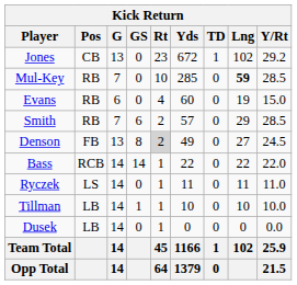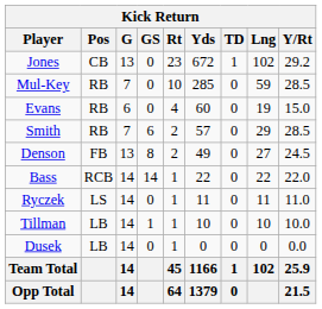 <table class="wikitable" style="text-align:center">
 <tr>
 <th colspan="9">Kick Return</th>
 </tr>
 <tr>
 <th>Player</th>
 <th>Pos</th>
 <th>G</th>
 <th>GS</th>
 <th>Rt</th>
 <th>Yds</th>
 <th>TD</th>
 <th>Lng</th>
 <th>Y/Rt</th>
 </tr>
 <tr>
 <td><a href='#'>Jones</a></td>
 <td>CB</td>
 <td>13</td>
 <td>0</td>
 <td>23</td>
 <td>672</td>
 <td>1</td>
 <td>102</td>
 <td>29.2</td>
 </tr>
 <tr>
 <td><a href='#'>Mul-Key</a></td>
 <td>RB</td>
 <td>7</td>
 <td>0</td>
 <td>10</td>
 <td>285</td>
 <td>0</td>
-<td><strong>59</strong></td>
+<td>59</td>
 <td>28.5</td>
 </tr>
 <tr>
 <td><a href='#'>Evans</a></td>
 <td>RB</td>
 <td>6</td>
 <td>0</td>
 <td>4</td>
 <td>60</td>
 <td>0</td>
 <td>19</td>
 <td>15.0</td>
 </tr>
 <tr>
 <td><a href='#'>Smith</a></td>
 <td>RB</td>
 <td>7</td>
 <td>6</td>
 <td>2</td>
 <td>57</td>
 <td>0</td>
 <td>29</td>
 <td>28.5</td>
 </tr>
 <tr>
 <td><a href='#'>Denson</a></td>
 <td>FB</td>
 <td>13</td>
 <td>8</td>
-<td style="background: lightgrey;">2</td>
+<td>2</td>
 <td>49</td>
 <td>0</td>
 <td>27</td>
 <td>24.5</td>
 </tr>
 <tr>
 <td><a href='#'>Bass</a></td>
 <td>RCB</td>
 <td>14</td>
 <td>14</td>
 <td>1</td>
 <td>22</td>
 <td>0</td>
 <td>22</td>
 <td>22.0</td>
 </tr>
 <tr>
 <td><a href='#'>Ryczek</a></td>
 <td>LS</td>
 <td>14</td>
 <td>0</td>
 <td>1</td>
 <td>11</td>
 <td>0</td>
 <td>11</td>
 <td>11.0</td>
 </tr>
 <tr>
 <td><a href='#'>Tillman</a></td>
 <td>LB</td>
 <td>14</td>
 <td>1</td>
 <td>1</td>
 <td>10</td>
 <td>0</td>
 <td>10</td>
 <td>10.0</td>
 </tr>
 <tr>
 <td><a href='#'>Dusek</a></td>
 <td>LB</td>
 <td>14</td>
 <td>0</td>
 <td>1</td>
 <td>0</td>
 <td>0</td>
 <td>0</td>
 <td>0.0</td>
 </tr>
 <tr>
 <th>Team Total</th>
 <th></th>
 <th>14</th>
 <th></th>
 <th>45</th>
 <th>1166</th>
 <th>1</th>
 <th>102</th>
 <th>25.9</th>
 </tr>
 <tr>
 <th>Opp Total</th>
 <th></th>
 <th>14</th>
 <th></th>
 <th>64</th>
 <th>1379</th>
 <th>0</th>
 <th></th>
 <th>21.5</th>
 </tr>
 </table>
